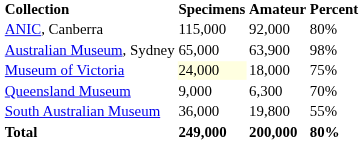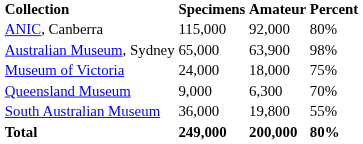 <table>
 <tr>
 <td><strong>Collection</strong></td>
 <td><strong>Specimens</strong></td>
 <td><strong>Amateur</strong></td>
 <td><strong>Percent</strong></td>
 </tr>
 <tr>
 <td><a href='#'>ANIC</a>, Canberra</td>
 <td>115,000</td>
 <td>92,000</td>
 <td>80%</td>
 </tr>
 <tr>
 <td><a href='#'>Australian Museum</a>, Sydney</td>
 <td>65,000</td>
 <td>63,900</td>
 <td>98%</td>
 </tr>
 <tr>
 <td><a href='#'>Museum of Victoria</a></td>
-<td style="background: lightyellow;">24,000</td>
+<td>24,000</td>
 <td>18,000</td>
 <td>75%</td>
 </tr>
 <tr>
 <td><a href='#'>Queensland Museum</a></td>
 <td>9,000</td>
 <td>6,300</td>
 <td>70%</td>
 </tr>
 <tr>
 <td><a href='#'>South Australian Museum</a></td>
 <td>36,000</td>
 <td>19,800</td>
 <td>55%</td>
 </tr>
 <tr>
 <td><strong>Total</strong></td>
 <td><strong>249,000</strong></td>
 <td><strong>200,000</strong></td>
 <td><strong>80%</strong></td>
 </tr>
 <tr>
 </tr>
 </table>
